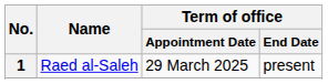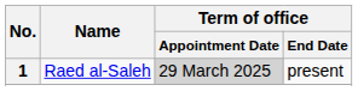 <table class="wikitable">
 <tr>
 <th rowspan="2">No.</th>
 <th rowspan="2">Name</th>
 <th colspan="3">Term of office</th>
 </tr>
 <tr>
 <th><small>Appointment Date</small></th>
 <th><small>End Date</small></th>
 </tr>
 <tr>
 <th>1</th>
 <td><a href='#'>Raed al-Saleh</a></td>
-<td>29 March 2025</td>
+<td style="background: lightgrey;">29 March 2025</td>
 <td>present</td>
 </tr>
 <tr>
 </tr>
 <tr>
 </tr>
 </table>
